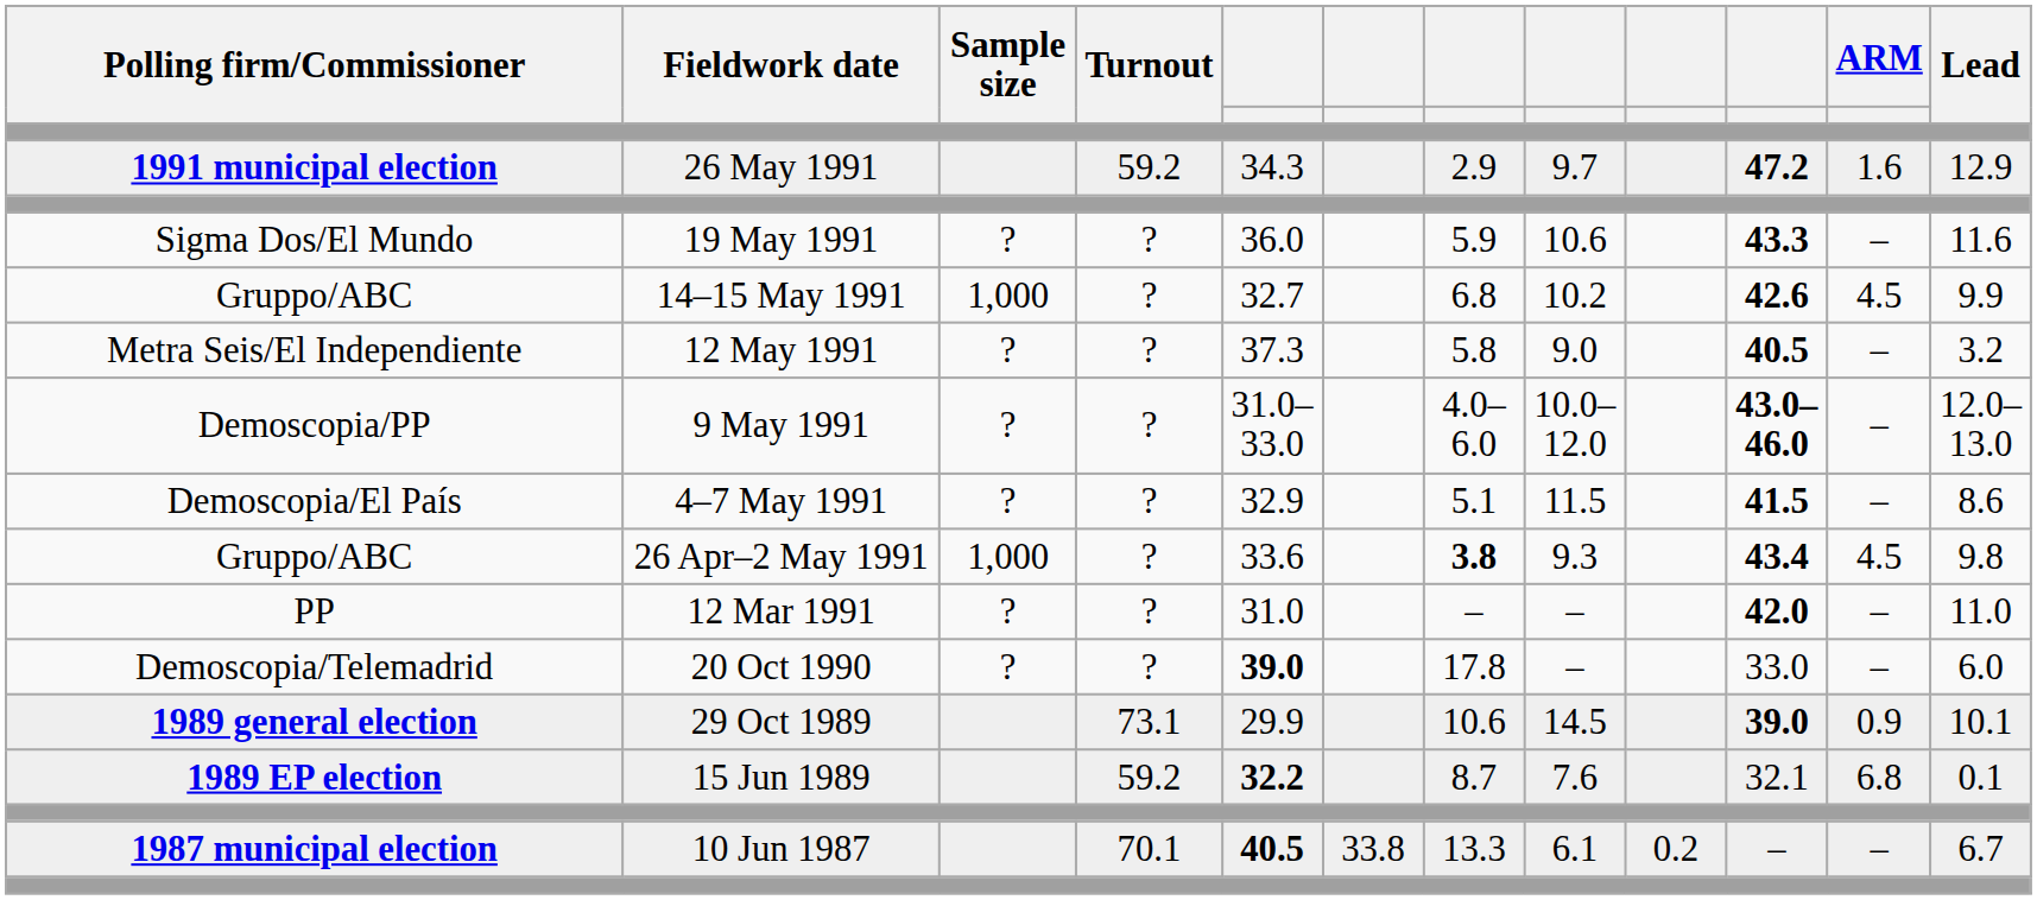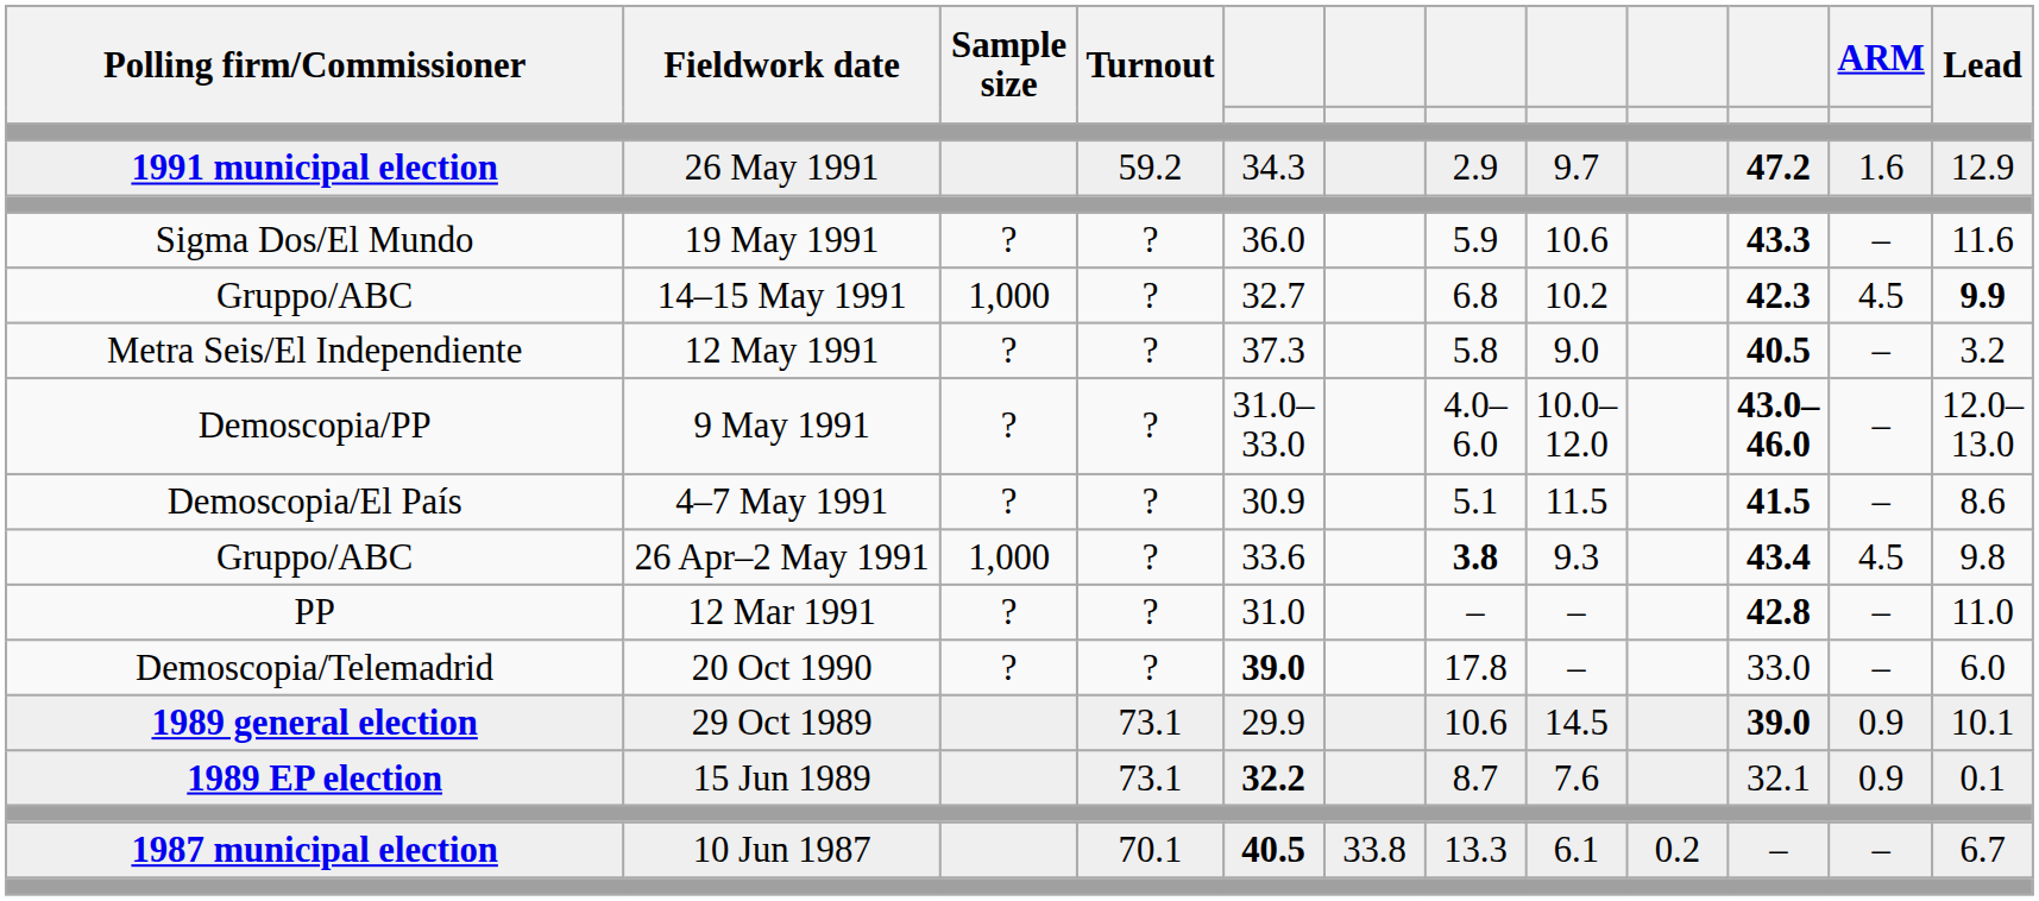 <table class="wikitable collapsible collapsed" style="text-align:center; font-size:95%; line-height:16px;">
 <tr style="height:42px;">
 <th style="width:250px;" rowspan="2">Polling firm/Commissioner</th>
 <th style="width:125px;" rowspan="2">Fieldwork date</th>
 <th style="width:50px;" rowspan="2">Sample size</th>
 <th style="width:45px;" rowspan="2">Turnout</th>
 <th style="width:35px;"></th>
 <th style="width:35px;"></th>
 <th style="width:35px;"></th>
 <th style="width:35px;"></th>
 <th style="width:35px;"></th>
 <th style="width:35px;"></th>
 <th style="width:35px;"><a href='#'>ARM</a></th>
 <th style="width:30px;" rowspan="2">Lead</th>
 </tr>
 <tr>
 <th style="color:inherit;background:"></th>
 <th style="color:inherit;background:"></th>
 <th style="color:inherit;background:"></th>
 <th style="color:inherit;background:"></th>
 <th style="color:inherit;background:"></th>
 <th style="color:inherit;background:"></th>
 <th style="color:inherit;background:"></th>
 </tr>
 <tr>
 <td colspan="12" style="background:#A0A0A0"></td>
 </tr>
 <tr style="background:#EFEFEF;">
 <td><strong><a href='#'>1991 municipal election</a></strong></td>
 <td>26 May 1991</td>
 <td></td>
 <td>59.2</td>
 <td>34.3<br></td>
 <td></td>
 <td>2.9<br></td>
 <td>9.7<br></td>
 <td></td>
 <td><strong>47.2</strong><br></td>
 <td>1.6<br></td>
 <td style="background:">12.9</td>
 </tr>
 <tr>
 <td colspan="12" style="background:#A0A0A0"></td>
 </tr>
 <tr>
 <td>Sigma Dos/El Mundo</td>
 <td>19 May 1991</td>
 <td>?</td>
 <td>?</td>
 <td>36.0<br></td>
 <td></td>
 <td>5.9<br></td>
 <td>10.6<br></td>
 <td></td>
 <td><strong>43.3</strong><br></td>
 <td>–</td>
 <td style="background:">11.6</td>
 </tr>
 <tr>
 <td>Gruppo/ABC</td>
 <td>14–15 May 1991</td>
 <td>1,000</td>
 <td>?</td>
 <td>32.7<br></td>
 <td></td>
 <td>6.8<br></td>
 <td>10.2<br></td>
 <td></td>
-<td><strong>42.6</strong><br></td>
+<td><strong>42.3</strong><br></td>
 <td>4.5<br></td>
-<td style="background:">9.9</td>
+<td style="background:"><strong>9.9</strong></td>
 </tr>
 <tr>
 <td>Metra Seis/El Independiente</td>
 <td>12 May 1991</td>
 <td>?</td>
 <td>?</td>
 <td>37.3<br></td>
 <td></td>
 <td>5.8<br></td>
 <td>9.0<br></td>
 <td></td>
 <td><strong>40.5</strong><br></td>
 <td>–</td>
 <td style="background:">3.2</td>
 </tr>
 <tr>
 <td>Demoscopia/PP</td>
 <td>9 May 1991</td>
 <td>?</td>
 <td>?</td>
 <td>31.0–<br>33.0<br></td>
 <td></td>
 <td>4.0–<br>6.0<br></td>
 <td>10.0–<br>12.0<br></td>
 <td></td>
 <td><strong>43.0–<br>46.0</strong><br></td>
 <td>–</td>
 <td style="background:">12.0–<br>13.0</td>
 </tr>
 <tr>
 <td>Demoscopia/El País</td>
 <td>4–7 May 1991</td>
 <td>?</td>
 <td>?</td>
-<td>32.9<br></td>
+<td>30.9<br></td>
 <td></td>
 <td>5.1<br></td>
 <td>11.5<br></td>
 <td></td>
 <td><strong>41.5</strong><br></td>
 <td>–</td>
 <td style="background:">8.6</td>
 </tr>
 <tr>
 <td>Gruppo/ABC</td>
 <td>26 Apr–2 May 1991</td>
 <td>1,000</td>
 <td>?</td>
 <td>33.6<br></td>
 <td></td>
 <td><strong>3.8<br></strong></td>
 <td>9.3<br></td>
 <td></td>
 <td><strong>43.4</strong><br></td>
 <td>4.5<br></td>
 <td style="background:">9.8</td>
 </tr>
 <tr>
 <td>PP</td>
 <td>12 Mar 1991</td>
 <td>?</td>
 <td>?</td>
 <td>31.0</td>
 <td></td>
 <td>–</td>
 <td>–</td>
 <td></td>
-<td><strong>42.0</strong></td>
+<td><strong>42.8</strong></td>
 <td>–</td>
 <td style="background:">11.0</td>
 </tr>
 <tr>
 <td>Demoscopia/Telemadrid</td>
 <td>20 Oct 1990</td>
 <td>?</td>
 <td>?</td>
 <td><strong>39.0</strong></td>
 <td></td>
 <td>17.8</td>
 <td>–</td>
 <td></td>
 <td>33.0</td>
 <td>–</td>
 <td style="background:">6.0</td>
 </tr>
 <tr style="background:#EFEFEF;">
 <td><strong><a href='#'>1989 general election</a></strong></td>
 <td>29 Oct 1989</td>
 <td></td>
 <td>73.1</td>
 <td>29.9<br></td>
 <td></td>
 <td>10.6<br></td>
 <td>14.5<br></td>
 <td></td>
 <td><strong>39.0</strong><br></td>
 <td>0.9<br></td>
 <td style="background:">10.1</td>
 </tr>
 <tr style="background:#EFEFEF;">
 <td><strong><a href='#'>1989 EP election</a></strong></td>
 <td>15 Jun 1989</td>
 <td></td>
-<td>59.2</td>
+<td>73.1</td>
 <td><strong>32.2</strong><br></td>
 <td></td>
 <td>8.7<br></td>
 <td>7.6<br></td>
 <td></td>
 <td>32.1<br></td>
-<td>6.8<br></td>
+<td>0.9<br></td>
 <td style="background:">0.1</td>
 </tr>
 <tr>
 <td colspan="12" style="background:#A0A0A0"></td>
 </tr>
 <tr style="background:#EFEFEF;">
 <td><strong><a href='#'>1987 municipal election</a></strong></td>
 <td>10 Jun 1987</td>
 <td></td>
 <td>70.1</td>
 <td><strong>40.5</strong><br></td>
 <td>33.8<br></td>
 <td>13.3<br></td>
 <td>6.1<br></td>
 <td>0.2<br></td>
 <td>–</td>
 <td>–</td>
 <td style="background:">6.7</td>
 </tr>
 <tr>
 <td colspan="12" style="background:#A0A0A0"></td>
 </tr>
 </table>
